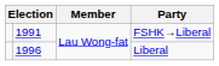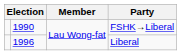 <table class="wikitable">
 <tr>
 <th colspan="2">Election</th>
 <th>Member</th>
 <th>Party</th>
 </tr>
 <tr>
 <td style="background-color: "></td>
-<td><a href='#'>1991</a></td>
+<td><a href='#'>1990</a></td>
 <td rowspan=2><a href='#'>Lau Wong-fat</a></td>
 <td><a href='#'>FSHK</a>→<a href='#'>Liberal</a></td>
 </tr>
 <tr>
 <td style="background-color: "></td>
 <td><a href='#'>1996</a></td>
 <td><a href='#'>Liberal</a></td>
 </tr>
 </table>
